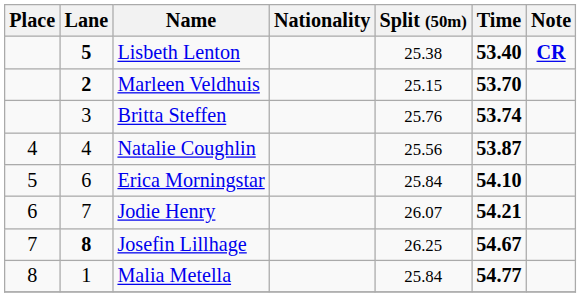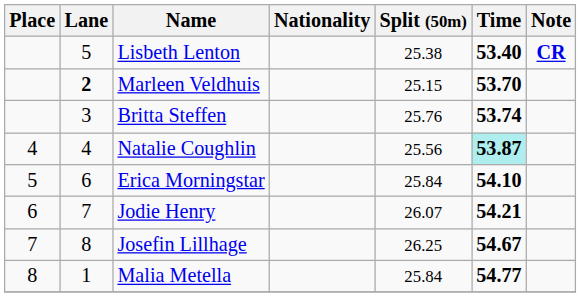 <table class="wikitable" style="text-align:center">
 <tr>
 <th>Place</th>
 <th>Lane</th>
 <th>Name</th>
 <th>Nationality</th>
 <th>Split <small>(50m)</small></th>
 <th>Time</th>
 <th>Note</th>
 </tr>
 <tr>
 <td></td>
-<td><strong>5</strong></td>
+<td>5</td>
 <td align=left><a href='#'>Lisbeth Lenton</a></td>
 <td align=left></td>
 <td><small>25.38</small></td>
 <td><strong>53.40</strong></td>
 <td><strong><a href='#'>CR</a></strong></td>
 </tr>
 <tr>
 <td></td>
 <td><strong>2</strong></td>
 <td align=left><a href='#'>Marleen Veldhuis</a></td>
 <td align=left></td>
 <td><small>25.15</small></td>
 <td><strong>53.70</strong></td>
 <td></td>
 </tr>
 <tr>
 <td></td>
 <td>3</td>
 <td align=left><a href='#'>Britta Steffen</a></td>
 <td align=left></td>
 <td><small>25.76</small></td>
 <td><strong>53.74</strong></td>
 <td></td>
 </tr>
 <tr>
 <td>4</td>
 <td>4</td>
 <td align=left><a href='#'>Natalie Coughlin</a></td>
 <td align=left></td>
 <td><small>25.56</small></td>
-<td><strong>53.87</strong></td>
+<td style="background: paleturquoise;"><strong>53.87</strong></td>
 <td></td>
 </tr>
 <tr>
 <td>5</td>
 <td>6</td>
 <td align=left><a href='#'>Erica Morningstar</a></td>
 <td align=left></td>
 <td><small>25.84</small></td>
 <td><strong>54.10</strong></td>
 <td></td>
 </tr>
 <tr>
 <td>6</td>
 <td>7</td>
 <td align=left><a href='#'>Jodie Henry</a></td>
 <td align=left></td>
 <td><small>26.07</small></td>
 <td><strong>54.21</strong></td>
 <td></td>
 </tr>
 <tr>
 <td>7</td>
-<td><strong>8</strong></td>
+<td>8</td>
 <td align=left><a href='#'>Josefin Lillhage</a></td>
 <td align=left></td>
 <td><small>26.25</small></td>
 <td><strong>54.67</strong></td>
 <td></td>
 </tr>
 <tr>
 <td>8</td>
 <td>1</td>
 <td align=left><a href='#'>Malia Metella</a></td>
 <td align=left></td>
 <td><small>25.84</small></td>
 <td><strong>54.77</strong></td>
 <td></td>
 </tr>
 <tr>
 </tr>
 </table>
